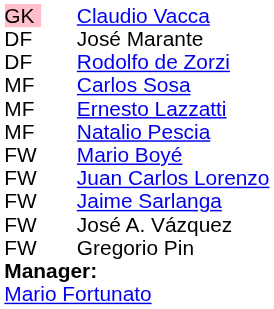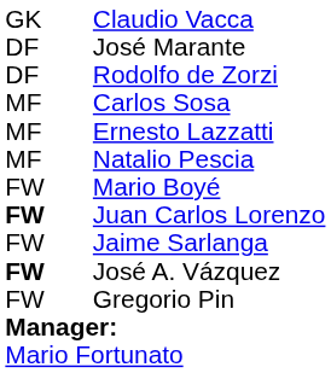 <table style="font-size:90%; margin:0.2em auto;" cellspacing="0" cellpadding="0">
 <tr>
 <th width="25"></th>
 <th width="25"></th>
 </tr>
 <tr>
-<td style="background: pink;">GK</td>
+<td>GK</td>
 <td></td>
 <td> <a href='#'>Claudio Vacca</a></td>
 </tr>
 <tr>
 <td>DF</td>
 <td></td>
 <td> José Marante</td>
 </tr>
 <tr>
 <td>DF</td>
 <td></td>
 <td> <a href='#'>Rodolfo de Zorzi</a></td>
 </tr>
 <tr>
 <td>MF</td>
 <td></td>
 <td> <a href='#'>Carlos Sosa</a></td>
 </tr>
 <tr>
 <td>MF</td>
 <td></td>
 <td> <a href='#'>Ernesto Lazzatti</a></td>
 </tr>
 <tr>
 <td>MF</td>
 <td></td>
 <td> <a href='#'>Natalio Pescia</a></td>
 </tr>
 <tr>
 <td>FW</td>
 <td></td>
 <td> <a href='#'>Mario Boyé</a></td>
 </tr>
 <tr>
-<td>FW</td>
+<td><strong>FW</strong></td>
 <td></td>
 <td> <a href='#'>Juan Carlos Lorenzo</a></td>
 </tr>
 <tr>
 <td>FW</td>
 <td></td>
 <td> <a href='#'>Jaime Sarlanga</a></td>
 </tr>
 <tr>
-<td>FW</td>
+<td><strong>FW</strong></td>
 <td></td>
 <td> José A. Vázquez</td>
 </tr>
 <tr>
 <td>FW</td>
 <td></td>
 <td> Gregorio Pin</td>
 </tr>
 <tr>
 <td colspan=3><strong>Manager:</strong></td>
 </tr>
 <tr>
 <td colspan=4> <a href='#'>Mario Fortunato</a></td>
 </tr>
 </table>
